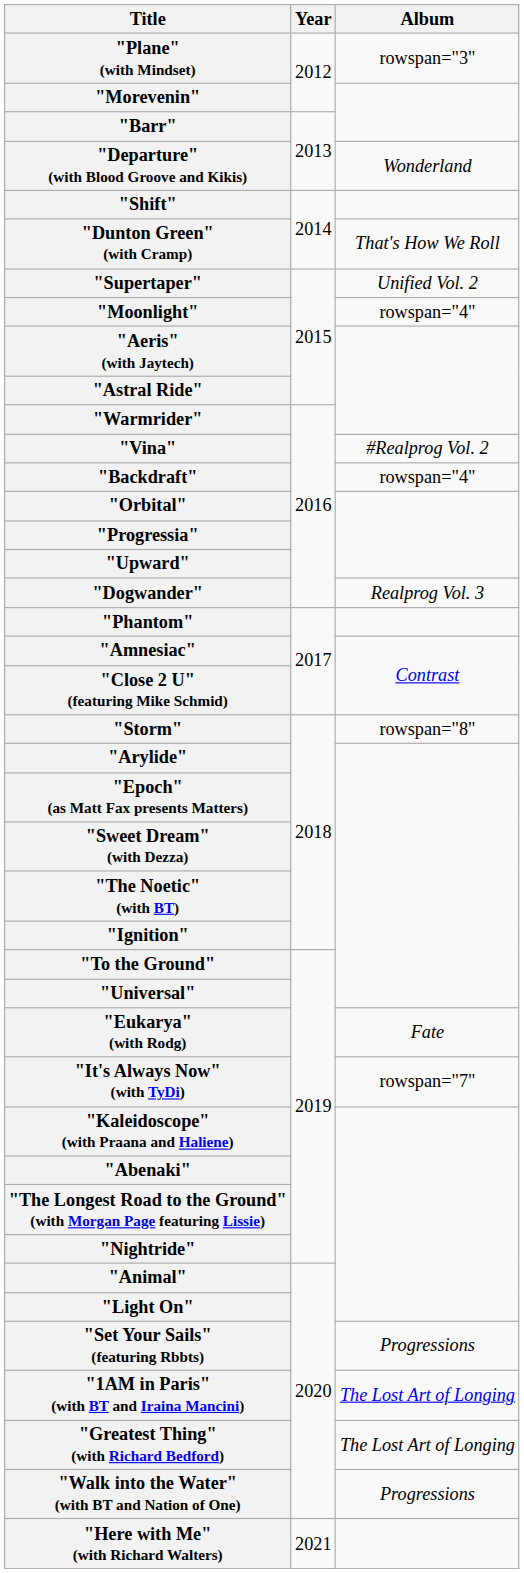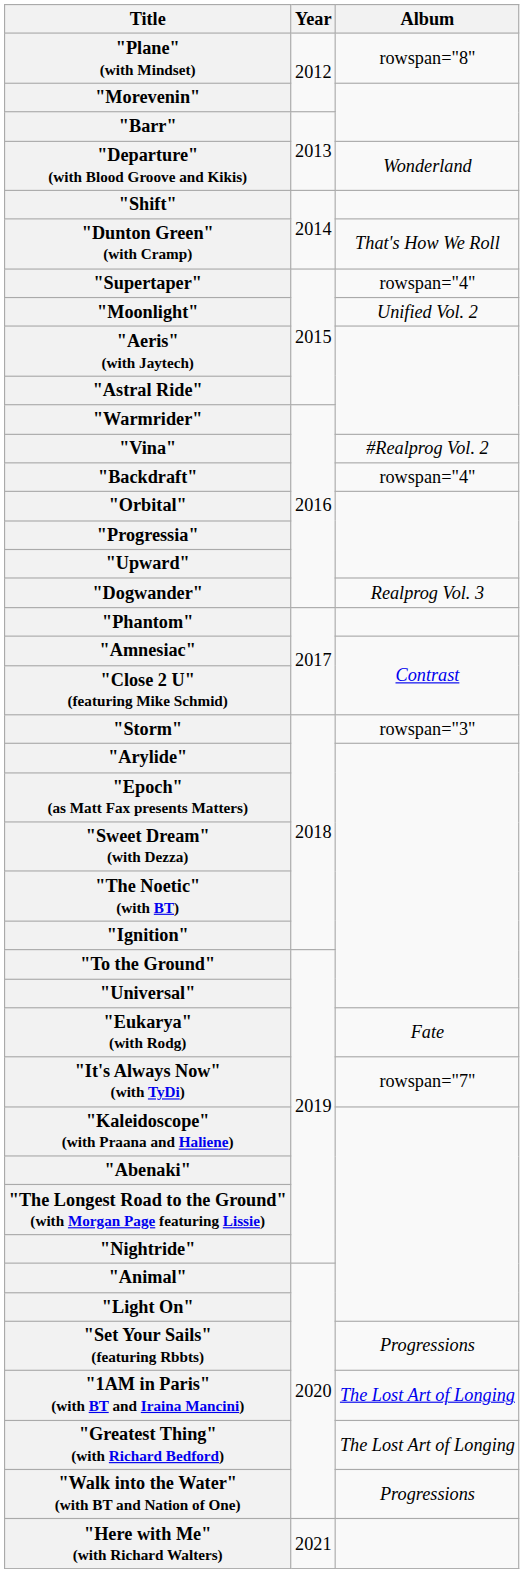 <table class="wikitable plainrowheaders" style="text-align:center;">
 <tr>
 <th scope="col">Title</th>
 <th scope="col">Year</th>
 <th scope="col">Album</th>
 </tr>
 <tr>
 <th scope="row">"Plane" <br><small>(with Mindset)</small></th>
 <td rowspan="2">2012</td>
-<td>rowspan="3" </td>
+<td>rowspan="8" </td>
 </tr>
 <tr>
 <th scope="row">"Morevenin"</th>
 </tr>
 <tr>
 <th scope="row">"Barr"</th>
 <td rowspan="2">2013</td>
 </tr>
 <tr>
 <th scope="row">"Departure"<br><small>(with Blood Groove and Kikis)</small></th>
 <td><em>Wonderland</em></td>
 </tr>
 <tr>
 <th scope="row">"Shift"</th>
 <td rowspan="2">2014</td>
 <td></td>
 </tr>
 <tr>
 <th scope="row">"Dunton Green"<br><small>(with Cramp)</small></th>
 <td><em>That's How We Roll</em></td>
 </tr>
 <tr>
 <th scope="row">"Supertaper"</th>
 <td rowspan="4">2015</td>
-<td><em>Unified Vol. 2</em></td>
+<td>rowspan="4" </td>
 </tr>
 <tr>
 <th scope="row">"Moonlight"</th>
-<td>rowspan="4" </td>
+<td><em>Unified Vol. 2</em></td>
 </tr>
 <tr>
 <th scope="row">"Aeris"<br><small>(with Jaytech)</small></th>
 </tr>
 <tr>
 <th scope="row">"Astral Ride"</th>
 </tr>
 <tr>
 <th scope="row">"Warmrider"</th>
 <td rowspan="7">2016</td>
 </tr>
 <tr>
 <th scope="row">"Vina"</th>
 <td><em>#Realprog Vol. 2</em></td>
 </tr>
 <tr>
 <th scope="row">"Backdraft"</th>
 <td>rowspan="4" </td>
 </tr>
 <tr>
 <th scope="row">"Orbital"</th>
 </tr>
 <tr>
 <th scope="row">"Progressia"</th>
 </tr>
 <tr>
 <th scope="row">"Upward"</th>
 </tr>
 <tr>
 <th scope="row">"Dogwander"</th>
 <td><em>Realprog Vol. 3</em></td>
 </tr>
 <tr>
 <th scope="row">"Phantom"</th>
 <td rowspan="3">2017</td>
 <td></td>
 </tr>
 <tr>
 <th scope="row">"Amnesiac"</th>
 <td colspan="1" style="text-align: center;" rowspan="2"><em><a href='#'>Contrast</a></em></td>
 </tr>
 <tr>
 <th scope="row">"Close 2 U"<br><small>(featuring Mike Schmid)</small></th>
 </tr>
 <tr>
 <th scope="row">"Storm"</th>
 <td rowspan="6">2018</td>
-<td>rowspan="8" </td>
+<td>rowspan="3" </td>
 </tr>
 <tr>
 <th scope="row">"Arylide"</th>
 </tr>
 <tr>
 <th scope="row">"Epoch"<br><small>(as Matt Fax presents Matters)</small></th>
 </tr>
 <tr>
 <th scope="row">"Sweet Dream" <br><small>(with Dezza)</small></th>
 </tr>
 <tr>
 <th scope="row">"The Noetic" <br><small>(with <a href='#'>BT</a>)</small></th>
 </tr>
 <tr>
 <th scope="row">"Ignition"</th>
 </tr>
 <tr>
 <th scope="row">"To the Ground"</th>
 <td rowspan="8">2019</td>
 </tr>
 <tr>
 <th scope="row">"Universal"</th>
 </tr>
 <tr>
 <th scope="row">"Eukarya" <br><small>(with Rodg)</small></th>
 <td><em>Fate</em></td>
 </tr>
 <tr>
 <th scope="row">"It's Always Now" <br><small>(with <a href='#'>TyDi</a>)</small></th>
 <td>rowspan="7" </td>
 </tr>
 <tr>
 <th scope="row">"Kaleidoscope" <br><small>(with Praana and <a href='#'>Haliene</a>)</small></th>
 </tr>
 <tr>
 <th scope="row">"Abenaki"</th>
 </tr>
 <tr>
 <th scope="row">"The Longest Road to the Ground" <br><small>(with <a href='#'>Morgan Page</a> featuring <a href='#'>Lissie</a>)</small></th>
 </tr>
 <tr>
 <th scope="row">"Nightride"</th>
 </tr>
 <tr>
 <th scope="row">"Animal"</th>
 <td rowspan="6">2020</td>
 </tr>
 <tr>
 <th scope="row">"Light On"</th>
 </tr>
 <tr>
 <th scope="row">"Set Your Sails" <br><small>(featuring Rbbts)</small></th>
 <td><em>Progressions</em></td>
 </tr>
 <tr>
 <th scope="row">"1AM in Paris" <br><small>(with <a href='#'>BT</a> and <a href='#'>Iraina Mancini</a>)</small></th>
 <td><em><a href='#'>The Lost Art of Longing</a></em></td>
 </tr>
 <tr>
 <th scope="row">"Greatest Thing" <br><small>(with <a href='#'>Richard Bedford</a>)</small></th>
 <td><em>The Lost Art of Longing</em></td>
 </tr>
 <tr>
 <th scope="row">"Walk into the Water" <br><small>(with BT and Nation of One)</small></th>
 <td><em>Progressions</em></td>
 </tr>
 <tr>
 <th scope="row">"Here with Me" <br><small>(with Richard Walters)</small></th>
 <td>2021</td>
 <td></td>
 </tr>
 </table>
